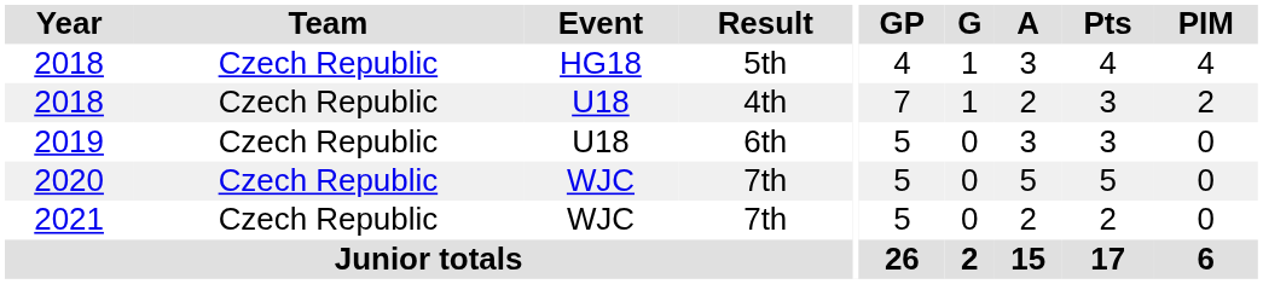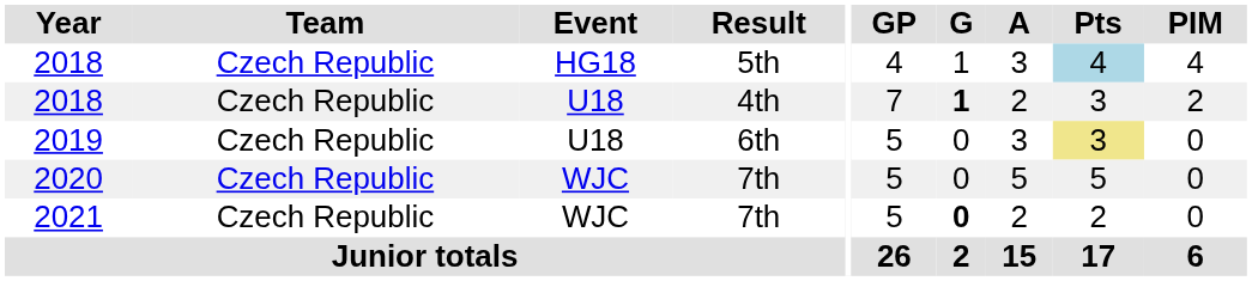 <table border="0" cellpadding="1" cellspacing="0" ID="Table3" style="text-align:center; width:40em">
 <tr ALIGN="center" bgcolor="#e0e0e0">
 <th>Year</th>
 <th>Team</th>
 <th>Event</th>
 <th>Result</th>
 <th rowspan="99" bgcolor="#ffffff"></th>
 <th>GP</th>
 <th>G</th>
 <th>A</th>
 <th>Pts</th>
 <th>PIM</th>
 </tr>
 <tr>
 <td><a href='#'>2018</a></td>
 <td><a href='#'>Czech Republic</a></td>
 <td><a href='#'>HG18</a></td>
 <td>5th</td>
 <td>4</td>
 <td>1</td>
 <td>3</td>
-<td>4</td>
+<td style="background: lightblue;">4</td>
 <td>4</td>
 </tr>
 <tr bgcolor="#f0f0f0">
 <td><a href='#'>2018</a></td>
 <td>Czech Republic</td>
 <td><a href='#'>U18</a></td>
 <td>4th</td>
 <td>7</td>
-<td>1</td>
+<td><strong>1</strong></td>
 <td>2</td>
 <td>3</td>
 <td>2</td>
 </tr>
 <tr>
 <td><a href='#'>2019</a></td>
 <td>Czech Republic</td>
 <td>U18</td>
 <td>6th</td>
 <td>5</td>
 <td>0</td>
 <td>3</td>
-<td>3</td>
+<td style="background: khaki;">3</td>
 <td>0</td>
 </tr>
 <tr bgcolor="#f0f0f0">
 <td><a href='#'>2020</a></td>
 <td><a href='#'>Czech Republic</a></td>
 <td><a href='#'>WJC</a></td>
 <td>7th</td>
 <td>5</td>
 <td>0</td>
 <td>5</td>
 <td>5</td>
 <td>0</td>
 </tr>
 <tr>
 <td><a href='#'>2021</a></td>
 <td>Czech Republic</td>
 <td>WJC</td>
 <td>7th</td>
 <td>5</td>
-<td>0</td>
+<td><strong>0</strong></td>
 <td>2</td>
 <td>2</td>
 <td>0</td>
 </tr>
 <tr ALIGN="center" bgcolor="#e0e0e0">
 <th colspan=4>Junior totals</th>
 <th>26</th>
 <th>2</th>
 <th>15</th>
 <th>17</th>
 <th>6</th>
 </tr>
 </table>
